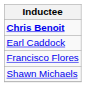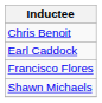 <table class="wikitable">
 <tr>
 <th>Inductee</th>
 </tr>
 <tr>
-<td><strong><a href='#'>Chris Benoit</a></strong></td>
+<td><a href='#'>Chris Benoit</a></td>
 </tr>
 <tr>
 <td><a href='#'>Earl Caddock</a></td>
 </tr>
 <tr>
 <td><a href='#'>Francisco Flores</a></td>
 </tr>
 <tr>
 <td><a href='#'>Shawn Michaels</a></td>
 </tr>
 <tr>
 </tr>
 </table>
